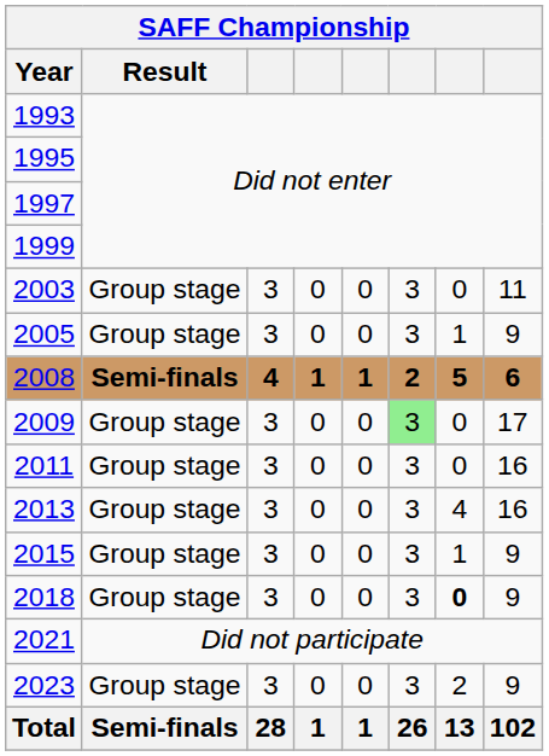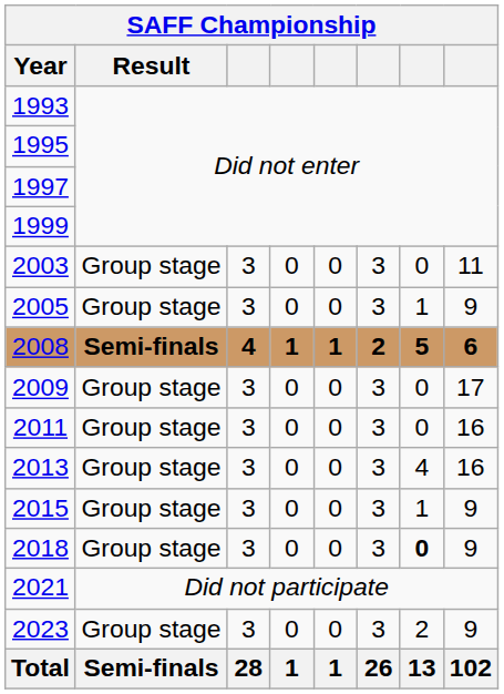 <table class="wikitable" style="text-align: center;">
 <tr>
 <th colspan=9><a href='#'>SAFF Championship</a></th>
 </tr>
 <tr>
 <th>Year</th>
 <th>Result</th>
 <th width=20></th>
 <th width=20></th>
 <th width=20></th>
 <th width=20></th>
 <th width=20></th>
 <th width=20></th>
 </tr>
 <tr>
 <td> <a href='#'>1993</a></td>
 <td colspan=9 rowspan=4><em>Did not enter</em></td>
 </tr>
 <tr>
 <td> <a href='#'>1995</a></td>
 </tr>
 <tr>
 <td> <a href='#'>1997</a></td>
 </tr>
 <tr>
 <td> <a href='#'>1999</a></td>
 </tr>
 <tr>
 <td> <a href='#'>2003</a></td>
 <td>Group stage</td>
 <td>3</td>
 <td>0</td>
 <td>0</td>
 <td>3</td>
 <td>0</td>
 <td>11</td>
 </tr>
 <tr>
 <td> <a href='#'>2005</a></td>
 <td>Group stage</td>
 <td>3</td>
 <td>0</td>
 <td>0</td>
 <td>3</td>
 <td>1</td>
 <td>9</td>
 </tr>
 <tr style="background:#c96;">
 <td>  <a href='#'>2008</a></td>
 <td><strong>Semi-finals</strong></td>
 <td><strong>4</strong></td>
 <td><strong>1</strong></td>
 <td><strong>1</strong></td>
 <td><strong>2</strong></td>
 <td><strong>5</strong></td>
 <td><strong>6</strong></td>
 </tr>
 <tr>
 <td> <a href='#'>2009</a></td>
 <td>Group stage</td>
 <td>3</td>
 <td>0</td>
 <td>0</td>
-<td style="background: lightgreen;">3</td>
+<td>3</td>
 <td>0</td>
 <td>17</td>
 </tr>
 <tr>
 <td> <a href='#'>2011</a></td>
 <td>Group stage</td>
 <td>3</td>
 <td>0</td>
 <td>0</td>
 <td>3</td>
 <td>0</td>
 <td>16</td>
 </tr>
 <tr>
 <td> <a href='#'>2013</a></td>
 <td>Group stage</td>
 <td>3</td>
 <td>0</td>
 <td>0</td>
 <td>3</td>
 <td>4</td>
 <td>16</td>
 </tr>
 <tr>
 <td> <a href='#'>2015</a></td>
 <td>Group stage</td>
 <td>3</td>
 <td>0</td>
 <td>0</td>
 <td>3</td>
 <td>1</td>
 <td>9</td>
 </tr>
 <tr>
 <td> <a href='#'>2018</a></td>
 <td>Group stage</td>
 <td>3</td>
 <td>0</td>
 <td>0</td>
 <td>3</td>
 <td><strong>0</strong></td>
 <td>9</td>
 </tr>
 <tr>
 <td> <a href='#'>2021</a></td>
 <td colspan="7"><em>Did not participate</em></td>
 </tr>
 <tr>
 <td> <a href='#'>2023</a></td>
 <td>Group stage</td>
 <td>3</td>
 <td>0</td>
 <td>0</td>
 <td>3</td>
 <td>2</td>
 <td>9</td>
 </tr>
 <tr>
 <th><strong>Total</strong></th>
 <th>Semi-finals</th>
 <th><strong>28</strong></th>
 <th><strong>1</strong></th>
 <th><strong>1</strong></th>
 <th><strong>26</strong></th>
 <th><strong>13</strong></th>
 <th><strong>102</strong></th>
 </tr>
 </table>
